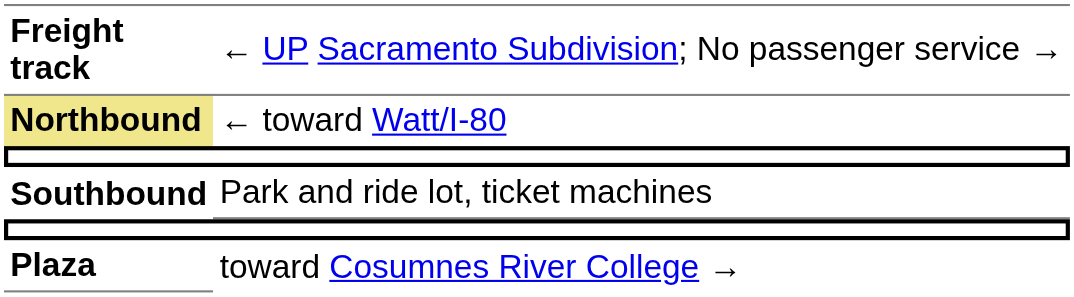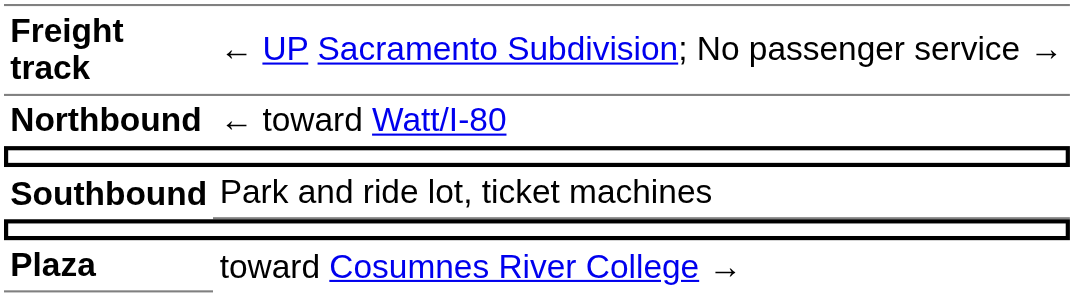 <table border=0 cellspacing=0 cellpadding=3>
 <tr>
 <td style="border-top:solid 1px gray" width=90><strong>Freight track</strong></td>
 <td style="border-top:solid 1px gray">← <a href='#'>UP</a> <a href='#'>Sacramento Subdivision</a>; No passenger service  →</td>
 </tr>
 <tr>
-<td style="background: khaki; border-top:solid 1px gray"><strong>Northbound</strong></td>
+<td style="border-top:solid 1px gray"><strong>Northbound</strong></td>
 <td style="border-top:solid 1px gray">←  toward <a href='#'>Watt/I-80</a> </td>
 </tr>
 <tr>
 <td style="border-top:solid 2px black;border-right:solid 2px black;border-left:solid 2px black;border-bottom:solid 2px black;text-align:center" colspan=2></td>
 </tr>
 <tr>
 <td><strong>Southbound</strong></td>
 <td style="border-bottom:solid 1px gray">Park and ride lot, ticket machines</td>
 </tr>
 <tr>
 <td style="border-top:solid 2px black;border-right:solid 2px black;border-left:solid 2px black;border-bottom:solid 2px black;text-align:center" colspan=2></td>
 </tr>
 <tr>
 <td style="border-bottom:solid 1px gray"><strong>Plaza</strong></td>
 <td>  toward <a href='#'>Cosumnes River College</a>  →</td>
 </tr>
 </table>
